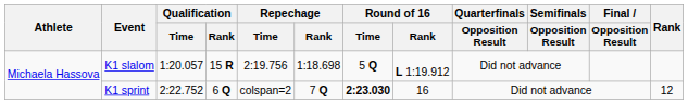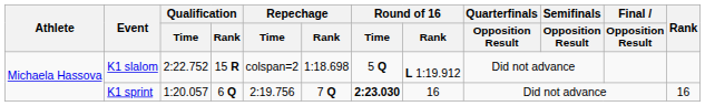 <table class="wikitable" style="font-size:90%;">
 <tr>
 <th rowspan=2>Athlete</th>
 <th rowspan=2>Event</th>
 <th colspan=2>Qualification</th>
 <th colspan=2>Repechage</th>
 <th colspan=2>Round of 16</th>
 <th>Quarterfinals</th>
 <th>Semifinals</th>
 <th>Final / </th>
 <th rowspan=2>Rank</th>
 </tr>
 <tr style="font-size:95%">
 <th>Time</th>
 <th>Rank</th>
 <th>Time</th>
 <th>Rank</th>
 <th>Time</th>
 <th>Rank</th>
 <th>Opposition <br>Result</th>
 <th>Opposition <br>Result</th>
 <th>Opposition <br>Result</th>
 </tr>
 <tr align=center>
 <td rowspan=2 align=left><a href='#'>Michaela Hassova</a></td>
 <td align=left><a href='#'>K1 slalom</a></td>
-<td>1:20.057</td>
+<td>2:22.752</td>
 <td>15 <strong>R</strong></td>
-<td>2:19.756</td>
+<td>colspan=2 </td>
 <td>1:18.698</td>
 <td>5 <strong>Q</strong></td>
 <td><br><strong>L</strong> 1:19.912</td>
 <td colspan=2>Did not advance</td>
 <td></td>
 </tr>
 <tr align=center>
 <td align=left><a href='#'>K1 sprint</a></td>
-<td>2:22.752</td>
+<td>1:20.057</td>
 <td>6 <strong>Q</strong></td>
-<td>colspan=2 </td>
+<td>2:19.756</td>
 <td>7 <strong>Q</strong></td>
 <td><strong>2:23.030</strong></td>
 <td>16</td>
 <td colspan=3>Did not advance</td>
-<td>12</td>
+<td>16</td>
 </tr>
 </table>
